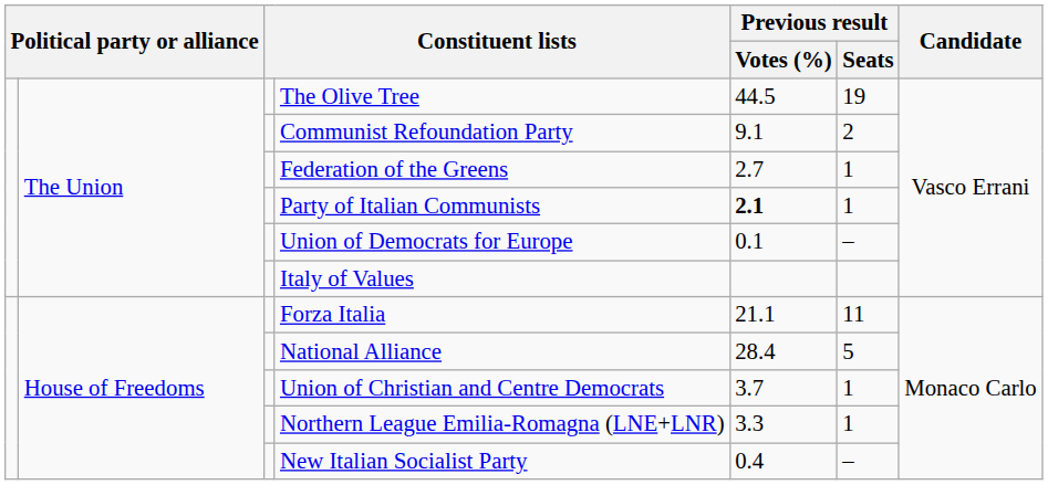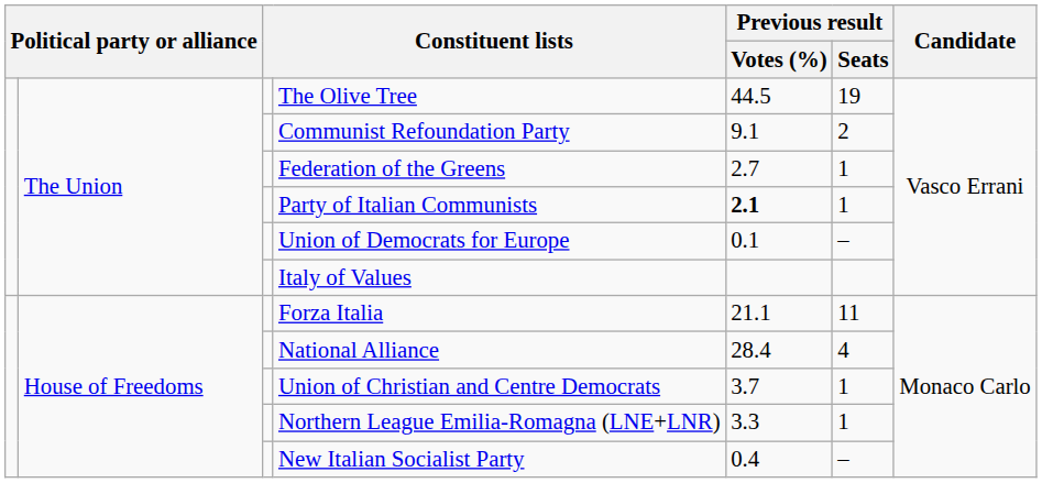 <table class="wikitable" style="text-align:left">
 <tr>
 <th colspan=2 rowspan="2">Political party or alliance</th>
 <th colspan=2 rowspan="2">Constituent lists</th>
 <th colspan="2">Previous result</th>
 <th rowspan="2">Candidate</th>
 </tr>
 <tr>
 <th>Votes (%)</th>
 <th>Seats</th>
 </tr>
 <tr>
 <td rowspan="6"></td>
 <td rowspan="6"><a href='#'>The Union</a></td>
 <td></td>
 <td style="text-align:left;"><a href='#'>The Olive Tree</a></td>
 <td>44.5</td>
 <td>19</td>
 <td rowspan="6" style="text-align: center;">Vasco Errani</td>
 </tr>
 <tr>
 <td></td>
 <td><a href='#'>Communist Refoundation Party</a></td>
 <td>9.1</td>
 <td>2</td>
 </tr>
 <tr>
 <td></td>
 <td><a href='#'>Federation of the Greens</a></td>
 <td>2.7</td>
 <td>1</td>
 </tr>
 <tr>
 <td></td>
 <td><a href='#'>Party of Italian Communists</a></td>
 <td><strong>2.1</strong></td>
 <td>1</td>
 </tr>
 <tr>
 <td></td>
 <td><a href='#'>Union of Democrats for Europe</a></td>
 <td>0.1</td>
 <td>–</td>
 </tr>
 <tr>
 <td></td>
 <td><a href='#'>Italy of Values</a></td>
 <td></td>
 <td></td>
 </tr>
 <tr>
 <td rowspan="5" style="background:"></td>
 <td rowspan=5><a href='#'>House of Freedoms</a></td>
 <td></td>
 <td style="text-align:left;"><a href='#'>Forza Italia</a></td>
 <td>21.1</td>
 <td>11</td>
 <td rowspan="5" style="text-align: center;">Monaco Carlo</td>
 </tr>
 <tr>
 <td></td>
 <td style="text-align:left;"><a href='#'>National Alliance</a></td>
 <td>28.4</td>
-<td>5</td>
+<td>4</td>
 </tr>
 <tr>
 <td></td>
 <td style="text-align:left;"><a href='#'>Union of Christian and Centre Democrats</a></td>
 <td>3.7</td>
 <td>1</td>
 </tr>
 <tr>
 <td></td>
 <td style="text-align:left;"><a href='#'>Northern League Emilia-Romagna</a> (<a href='#'>LNE</a>+<a href='#'>LNR</a>)</td>
 <td>3.3</td>
 <td>1</td>
 </tr>
 <tr>
 <td></td>
 <td style="text-align:left;"><a href='#'>New Italian Socialist Party</a></td>
 <td>0.4</td>
 <td>–</td>
 </tr>
 </table>
